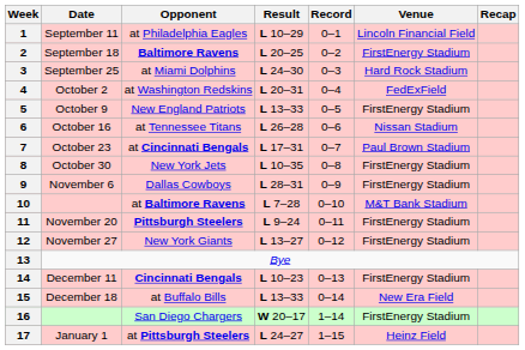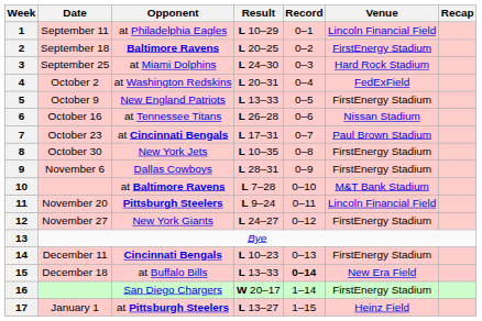 <table class="wikitable" style="text-align:center">
 <tr>
 <th>Week</th>
 <th>Date</th>
 <th>Opponent</th>
 <th>Result</th>
 <th>Record</th>
 <th>Venue</th>
 <th>Recap</th>
 </tr>
 <tr style="background:#fcc">
 <th>1</th>
 <td>September 11</td>
 <td>at <a href='#'>Philadelphia Eagles</a></td>
 <td><strong>L</strong> 10–29</td>
 <td>0–1</td>
 <td><a href='#'>Lincoln Financial Field</a></td>
 <td></td>
 </tr>
 <tr style="background:#fcc">
 <th>2</th>
 <td>September 18</td>
 <td><strong><a href='#'>Baltimore Ravens</a></strong></td>
 <td><strong>L</strong> 20–25</td>
 <td>0–2</td>
 <td><a href='#'>FirstEnergy Stadium</a></td>
 <td></td>
 </tr>
 <tr style="background:#fcc">
 <th>3</th>
 <td>September 25</td>
 <td>at <a href='#'>Miami Dolphins</a></td>
 <td><strong>L</strong> 24–30 </td>
 <td>0–3</td>
 <td><a href='#'>Hard Rock Stadium</a></td>
 <td></td>
 </tr>
 <tr style="background:#fcc">
 <th>4</th>
 <td>October 2</td>
 <td>at <a href='#'>Washington Redskins</a></td>
 <td><strong>L</strong> 20–31</td>
 <td>0–4</td>
 <td><a href='#'>FedExField</a></td>
 <td></td>
 </tr>
 <tr style="background:#fcc">
 <th>5</th>
 <td>October 9</td>
 <td><a href='#'>New England Patriots</a></td>
 <td><strong>L</strong> 13–33</td>
 <td>0–5</td>
 <td>FirstEnergy Stadium</td>
 <td></td>
 </tr>
 <tr style="background:#fcc">
 <th>6</th>
 <td>October 16</td>
 <td>at <a href='#'>Tennessee Titans</a></td>
 <td><strong>L</strong> 26–28</td>
 <td>0–6</td>
 <td><a href='#'>Nissan Stadium</a></td>
 <td></td>
 </tr>
 <tr style="background:#fcc">
 <th>7</th>
 <td>October 23</td>
 <td>at <strong><a href='#'>Cincinnati Bengals</a></strong></td>
 <td><strong>L</strong> 17–31</td>
 <td>0–7</td>
 <td><a href='#'>Paul Brown Stadium</a></td>
 <td></td>
 </tr>
 <tr style="background:#fcc">
 <th>8</th>
 <td>October 30</td>
 <td><a href='#'>New York Jets</a></td>
 <td><strong>L</strong> 10–35</td>
 <td>0–8</td>
 <td>FirstEnergy Stadium</td>
 <td></td>
 </tr>
 <tr style="background:#fcc">
 <th>9</th>
 <td>November 6</td>
 <td><a href='#'>Dallas Cowboys</a></td>
 <td><strong>L</strong> 28–31</td>
 <td>0–9</td>
 <td>FirstEnergy Stadium</td>
 <td></td>
 </tr>
 <tr style="background:#fcc">
 <th>10</th>
 <td></td>
 <td>at <strong><a href='#'>Baltimore Ravens</a></strong></td>
 <td><strong>L</strong> 7–28</td>
 <td>0–10</td>
 <td><a href='#'>M&T Bank Stadium</a></td>
 <td></td>
 </tr>
 <tr style="background:#fcc">
 <th>11</th>
 <td>November 20</td>
 <td><strong><a href='#'>Pittsburgh Steelers</a></strong></td>
 <td><strong>L</strong> 9–24</td>
 <td>0–11</td>
-<td>FirstEnergy Stadium</td>
+<td><a href='#'>Lincoln Financial Field</a></td>
 <td></td>
 </tr>
 <tr style="background:#fcc">
 <th>12</th>
 <td>November 27</td>
 <td><a href='#'>New York Giants</a></td>
-<td><strong>L</strong> 13–27</td>
+<td><strong>L</strong> 24–27 </td>
 <td>0–12</td>
 <td>FirstEnergy Stadium</td>
 <td></td>
 </tr>
 <tr>
 <th>13</th>
 <td colspan=6><em><a href='#'>Bye</a></em></td>
 </tr>
 <tr style="background:#fcc">
 <th>14</th>
 <td>December 11</td>
 <td><strong><a href='#'>Cincinnati Bengals</a></strong></td>
 <td><strong>L</strong> 10–23</td>
 <td>0–13</td>
 <td>FirstEnergy Stadium</td>
 <td></td>
 </tr>
 <tr style="background:#fcc">
 <th>15</th>
 <td>December 18</td>
 <td>at <a href='#'>Buffalo Bills</a></td>
 <td><strong>L</strong> 13–33</td>
-<td>0–14</td>
+<td><strong>0–14</strong></td>
 <td><a href='#'>New Era Field</a></td>
 <td></td>
 </tr>
 <tr style="background:#cfc">
 <th>16</th>
 <td></td>
 <td><a href='#'>San Diego Chargers</a></td>
 <td><strong>W</strong> 20–17</td>
 <td>1–14</td>
 <td>FirstEnergy Stadium</td>
 <td></td>
 </tr>
 <tr style="background:#fcc">
 <th>17</th>
 <td>January 1</td>
 <td>at <strong><a href='#'>Pittsburgh Steelers</a></strong></td>
-<td><strong>L</strong> 24–27 </td>
+<td><strong>L</strong> 13–27</td>
 <td>1–15</td>
 <td><a href='#'>Heinz Field</a></td>
 <td></td>
 </tr>
 </table>
